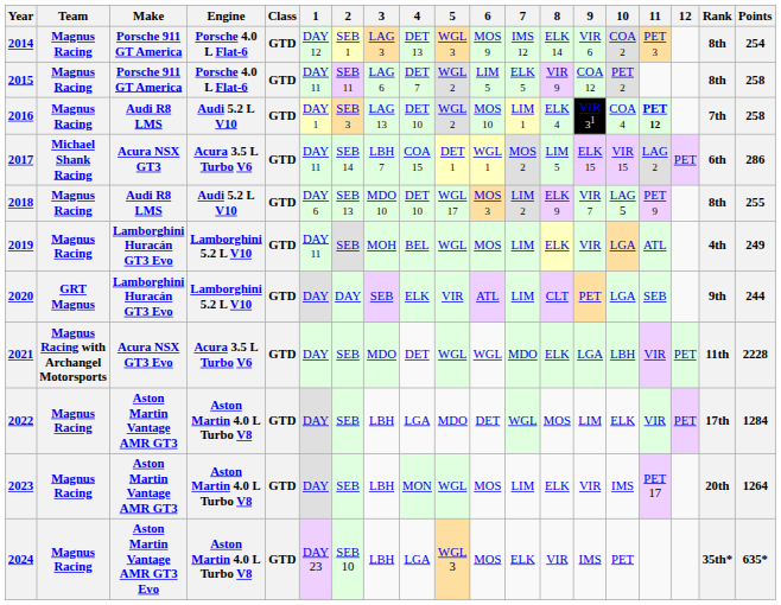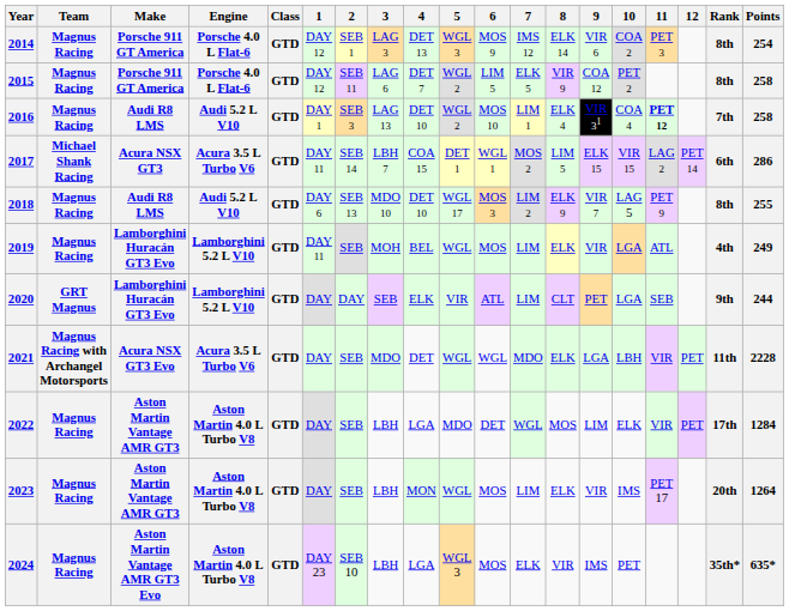 <table class="wikitable" style="text-align:center; font-size:90%">
 <tr>
 <th>Year</th>
 <th>Team</th>
 <th>Make</th>
 <th>Engine</th>
 <th>Class</th>
 <th>1</th>
 <th>2</th>
 <th>3</th>
 <th>4</th>
 <th>5</th>
 <th>6</th>
 <th>7</th>
 <th>8</th>
 <th>9</th>
 <th>10</th>
 <th>11</th>
 <th>12</th>
 <th>Rank</th>
 <th>Points</th>
 </tr>
 <tr>
 <th><a href='#'>2014</a></th>
 <th><a href='#'>Magnus Racing</a></th>
 <th><a href='#'>Porsche 911 GT America</a></th>
 <th><a href='#'>Porsche</a> 4.0 L <a href='#'>Flat-6</a></th>
 <th>GTD</th>
 <td style="background:#DFFFDF;"><a href='#'>DAY</a><br><small>12</small></td>
 <td style="background:#FFFFBF;"><a href='#'>SEB</a><br><small>1</small></td>
 <td style="background:#FFDF9F;"><a href='#'>LAG</a><br><small>3</small></td>
 <td style="background:#DFFFDF;"><a href='#'>DET</a><br><small>13</small></td>
 <td style="background:#FFDF9F;"><a href='#'>WGL</a><br><small>3</small></td>
 <td style="background:#DFFFDF;"><a href='#'>MOS</a><br><small>9</small></td>
 <td style="background:#DFFFDF;"><a href='#'>IMS</a><br><small>12</small></td>
 <td style="background:#DFFFDF;"><a href='#'>ELK</a><br><small>14</small></td>
 <td style="background:#DFFFDF;"><a href='#'>VIR</a><br><small>6</small></td>
 <td style="background:#DFDFDF;"><a href='#'>COA</a><br><small>2</small></td>
 <td style="background:#FFDF9F;"><a href='#'>PET</a><br><small>3</small></td>
 <td></td>
 <th>8th</th>
 <th>254</th>
 </tr>
 <tr>
 <th><a href='#'>2015</a></th>
 <th><a href='#'>Magnus Racing</a></th>
 <th><a href='#'>Porsche 911 GT America</a></th>
 <th><a href='#'>Porsche</a> 4.0 L <a href='#'>Flat-6</a></th>
 <th>GTD</th>
-<td style="background:#DFFFDF;"><a href='#'>DAY</a><br><small>11</small></td>
+<td style="background:#DFFFDF;"><a href='#'>DAY</a><br><small>12</small></td>
 <td style="background:#EFCFFF;"><a href='#'>SEB</a><br><small>11</small></td>
 <td style="background:#DFFFDF;"><a href='#'>LAG</a><br><small>6</small></td>
 <td style="background:#DFFFDF;"><a href='#'>DET</a><br><small>7</small></td>
 <td style="background:#DFDFDF;"><a href='#'>WGL</a><br><small>2</small></td>
 <td style="background:#DFFFDF;"><a href='#'>LIM</a><br><small>5</small></td>
 <td style="background:#DFFFDF;"><a href='#'>ELK</a><br><small>5</small></td>
 <td style="background:#EFCFFF;"><a href='#'>VIR</a><br><small>9</small></td>
 <td style="background:#DFFFDF;"><a href='#'>COA</a><br><small>12</small></td>
 <td style="background:#DFDFDF;"><a href='#'>PET</a><br><small>2</small></td>
 <td></td>
 <td></td>
 <th>8th</th>
 <th>258</th>
 </tr>
 <tr>
 <th><a href='#'>2016</a></th>
 <th><a href='#'>Magnus Racing</a></th>
 <th><a href='#'>Audi R8 LMS</a></th>
 <th><a href='#'>Audi</a> 5.2 L <a href='#'>V10</a></th>
 <th>GTD</th>
 <td style="background:#FFFFBF;"><a href='#'>DAY</a><br><small>1</small></td>
 <td style="background:#FFDF9F;"><a href='#'>SEB</a><br><small>3</small></td>
 <td style="background:#DFFFDF;"><a href='#'>LAG</a><br><small>13</small></td>
 <td style="background:#DFFFDF;"><a href='#'>DET</a><br><small>10</small></td>
 <td style="background:#DFDFDF;"><a href='#'>WGL</a><br><small>2</small></td>
 <td style="background:#DFFFDF;"><a href='#'>MOS</a><br><small>10</small></td>
 <td style="background:#FFFFBF;"><a href='#'>LIM</a><br><small>1</small></td>
 <td style="background:#DFFFDF;"><a href='#'>ELK</a><br><small>4</small></td>
 <td style="background:#000000;color:white"><a href='#'>VIR</a><br><small>3<sup>1</sup></small></td>
 <td style="background:#DFFFDF;"><a href='#'>COA</a><br><small>4</small></td>
 <td style="background:#DFFFDF;"><strong><a href='#'>PET</a><br><small>12</small></strong></td>
 <td></td>
 <th>7th</th>
 <th>258</th>
 </tr>
 <tr>
 <th><a href='#'>2017</a></th>
 <th><a href='#'>Michael Shank Racing</a></th>
 <th><a href='#'>Acura NSX GT3</a></th>
 <th><a href='#'>Acura</a> 3.5 L <a href='#'>Turbo</a> <a href='#'>V6</a></th>
 <th>GTD</th>
 <td style="background:#DFFFDF;"><a href='#'>DAY</a><br><small>11</small></td>
 <td style="background:#DFFFDF;"><a href='#'>SEB</a><br><small>14</small></td>
 <td style="background:#DFFFDF;"><a href='#'>LBH</a><br><small>7</small></td>
 <td style="background:#DFFFDF;"><a href='#'>COA</a><br><small>15</small></td>
 <td style="background:#FFFFBF;"><a href='#'>DET</a><br><small>1</small></td>
 <td style="background:#FFFFBF;"><a href='#'>WGL</a><br><small>1</small></td>
 <td style="background:#DFDFDF;"><a href='#'>MOS</a><br><small>2</small></td>
 <td style="background:#DFFFDF;"><a href='#'>LIM</a><br><small>5</small></td>
 <td style="background:#EFCFFF;"><a href='#'>ELK</a><br><small>15</small></td>
 <td style="background:#EFCFFF;"><a href='#'>VIR</a><br><small>15</small></td>
 <td style="background:#DFDFDF;"><a href='#'>LAG</a><br><small>2</small></td>
-<td style="background:#efcfff;"><a href='#'>PET</a><br></td>
+<td style="background:#EFCFFF;"><a href='#'>PET</a><br><small>14</small></td>
 <th style="background:#;">6th</th>
 <th style="background:#;">286</th>
 </tr>
 <tr>
 <th><a href='#'>2018</a></th>
 <th><a href='#'>Magnus Racing</a></th>
 <th><a href='#'>Audi R8 LMS</a></th>
 <th><a href='#'>Audi</a> 5.2 L <a href='#'>V10</a></th>
 <th>GTD</th>
 <td style="background:#DFFFDF;"><a href='#'>DAY</a><br><small>6</small></td>
 <td style="background:#DFFFDF;"><a href='#'>SEB</a><br><small>13</small></td>
 <td style="background:#DFFFDF;"><a href='#'>MDO</a><br><small>10</small></td>
 <td style="background:#DFFFDF;"><a href='#'>DET</a><br><small>10</small></td>
 <td style="background:#DFFFDF;"><a href='#'>WGL</a><br><small>17</small></td>
 <td style="background:#FFDF9F;"><a href='#'>MOS</a><br><small>3</small></td>
 <td style="background:#DFDFDF;"><a href='#'>LIM</a><br><small>2</small></td>
 <td style="background:#efcfff;"><a href='#'>ELK</a><br><small>9</small></td>
 <td style="background:#DFFFDF;"><a href='#'>VIR</a><br><small>7</small></td>
 <td style="background:#dfffdf;"><a href='#'>LAG</a><br>5<small></small></td>
 <td style="background:#efcfff;"><a href='#'>PET</a><br><small>9</small></td>
 <td></td>
 <th style="background:#;">8th</th>
 <th style="background:#;">255</th>
 </tr>
 <tr>
 <th><a href='#'>2019</a></th>
 <th><a href='#'>Magnus Racing</a></th>
 <th><a href='#'>Lamborghini Huracán GT3 Evo</a></th>
 <th><a href='#'>Lamborghini</a> 5.2 L <a href='#'>V10</a></th>
 <th>GTD</th>
 <td style="background:#DFFFDF;"><a href='#'>DAY</a><br><small>11</small></td>
 <td style="background:#dfdfdf;"><a href='#'>SEB</a><br></td>
 <td style="background:#dfffdf;"><a href='#'>MOH</a><br></td>
 <td style="background:#dfffdf;"><a href='#'>BEL</a><br></td>
 <td style="background:#dfffdf;"><a href='#'>WGL</a><br></td>
 <td style="background:#dfffdf;"><a href='#'>MOS</a><br></td>
 <td style="background:#dfffdf;"><a href='#'>LIM</a><br></td>
 <td style="background:#ffffbf;"><a href='#'>ELK</a><br></td>
 <td style="background:#dfffdf;"><a href='#'>VIR</a><br></td>
 <td style="background:#ffdf9f;"><a href='#'>LGA</a><br></td>
 <td style="background:#dfffdf;"><a href='#'>ATL</a><br></td>
 <td></td>
 <th style="background:#;">4th</th>
 <th style="background:#;">249</th>
 </tr>
 <tr>
 <th><a href='#'>2020</a></th>
 <th><a href='#'>GRT Magnus</a></th>
 <th><a href='#'>Lamborghini Huracán GT3 Evo</a></th>
 <th><a href='#'>Lamborghini</a> 5.2 L <a href='#'>V10</a></th>
 <th>GTD</th>
 <td style="background:#dfdfdf;"><a href='#'>DAY</a><br></td>
 <td style="background:#dfffdf;"><a href='#'>DAY</a><br></td>
 <td style="background:#efcfff;"><a href='#'>SEB</a><br></td>
 <td style="background:#dfffdf;"><a href='#'>ELK</a><br></td>
 <td style="background:#dfffdf;"><a href='#'>VIR</a><br></td>
 <td style="background:#efcfff;"><a href='#'>ATL</a><br></td>
 <td style="background:#dfffdf;"><a href='#'>LIM</a><br></td>
 <td style="background:#efcfff;"><a href='#'>CLT</a><br></td>
 <td style="background:#ffdf9f;"><a href='#'>PET</a><br></td>
 <td style="background:#dfffdf;"><a href='#'>LGA</a><br></td>
 <td style="background:#dfffdf;"><a href='#'>SEB</a><br></td>
 <td></td>
 <th>9th</th>
 <th>244</th>
 </tr>
 <tr>
 <th><a href='#'>2021</a></th>
 <th><a href='#'>Magnus Racing</a> with Archangel Motorsports</th>
 <th><a href='#'>Acura NSX GT3 Evo</a></th>
 <th><a href='#'>Acura</a> 3.5 L <a href='#'>Turbo</a> <a href='#'>V6</a></th>
 <th>GTD</th>
 <td style="background:#DFFFDF;"><a href='#'>DAY</a><br></td>
 <td style="background:#dfffdf;"><a href='#'>SEB</a><br></td>
 <td style="background:#dfffdf;"><a href='#'>MDO</a><br></td>
 <td><a href='#'>DET</a></td>
 <td style="background:#dfffdf;"><a href='#'>WGL</a><br></td>
 <td><a href='#'>WGL</a></td>
 <td style="background:#dfffdf;"><a href='#'>MDO</a><br></td>
 <td style="background:#dfffdf;"><a href='#'>ELK</a><br></td>
 <td style="background:#dfffdf;"><a href='#'>LGA</a><br></td>
 <td style="background:#dfffdf;"><a href='#'>LBH</a><br></td>
 <td style="background:#efcfff;"><a href='#'>VIR</a><br></td>
 <td style="background:#dfffdf;"><a href='#'>PET</a><br></td>
 <th style="background:#;">11th</th>
 <th style="background:#;">2228</th>
 </tr>
 <tr>
 <th><a href='#'>2022</a></th>
 <th><a href='#'>Magnus Racing</a></th>
 <th><a href='#'>Aston Martin Vantage AMR GT3</a></th>
 <th><a href='#'>Aston Martin</a> 4.0 L Turbo <a href='#'>V8</a></th>
 <th>GTD</th>
 <td style="background:#DFDFDF;"><a href='#'>DAY</a><br></td>
 <td style="background:#DFFFDF;"><a href='#'>SEB</a><br></td>
 <td><a href='#'>LBH</a></td>
 <td><a href='#'>LGA</a></td>
 <td><a href='#'>MDO</a></td>
 <td><a href='#'>DET</a></td>
 <td style="background:#DFFFDF;"><a href='#'>WGL</a><br></td>
 <td style="background:"><a href='#'>MOS</a><br></td>
 <td style="background:"><a href='#'>LIM</a><br></td>
 <td style="background:"><a href='#'>ELK</a><br></td>
 <td style="background:#DFFFDF;"><a href='#'>VIR</a><br></td>
 <td style="background:#efcfff;"><a href='#'>PET</a><br></td>
 <th>17th</th>
 <th>1284</th>
 </tr>
 <tr>
 <th><a href='#'>2023</a></th>
 <th><a href='#'>Magnus Racing</a></th>
 <th><a href='#'>Aston Martin Vantage AMR GT3</a></th>
 <th><a href='#'>Aston Martin</a> 4.0 L Turbo <a href='#'>V8</a></th>
 <th>GTD</th>
 <td style="background:#DFDFDF;"><a href='#'>DAY</a><br></td>
 <td style="background:#DFFFDF;"><a href='#'>SEB</a><br></td>
 <td><a href='#'>LBH</a><br></td>
 <td style="background:#DFFFDF;"><a href='#'>MON</a><br></td>
 <td style="background:#DFFFDF;"><a href='#'>WGL</a><br></td>
 <td><a href='#'>MOS</a><br></td>
 <td><a href='#'>LIM</a><br></td>
 <td><a href='#'>ELK</a><br></td>
 <td><a href='#'>VIR</a><br></td>
 <td><a href='#'>IMS</a></td>
 <td style="background:#efcfff;"><a href='#'>PET</a><br>17</td>
 <td></td>
 <th>20th</th>
 <th>1264</th>
 </tr>
 <tr>
 <th><a href='#'>2024</a></th>
 <th><a href='#'>Magnus Racing</a></th>
 <th><a href='#'>Aston Martin Vantage AMR GT3 Evo</a></th>
 <th><a href='#'>Aston Martin</a> 4.0 L Turbo <a href='#'>V8</a></th>
 <th>GTD</th>
 <td style="background:#efcfff;"><a href='#'>DAY</a><br>23</td>
 <td style="background:#DFFFDF;"><a href='#'>SEB</a><br>10</td>
 <td><a href='#'>LBH</a><br></td>
 <td><a href='#'>LGA</a><br></td>
 <td style="background:#ffdf9f;"><a href='#'>WGL</a><br>3</td>
 <td><a href='#'>MOS</a><br></td>
 <td><a href='#'>ELK</a><br></td>
 <td><a href='#'>VIR</a><br></td>
 <td><a href='#'>IMS</a><br></td>
 <td><a href='#'>PET</a><br></td>
 <td></td>
 <td></td>
 <th>35th*</th>
 <th>635*</th>
 </tr>
 </table>
